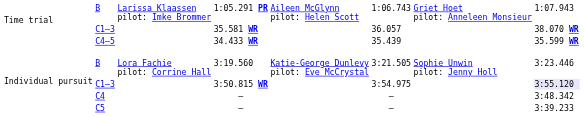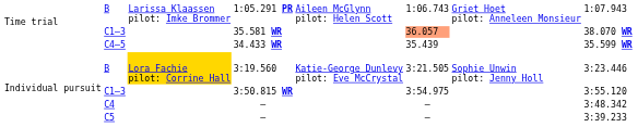 <table>
 <tr>
 <td rowspan="3">Time trial<br></td>
 <td><a href='#'>B</a></td>
 <td><br><a href='#'>Larissa Klaassen</a><br> pilot: <a href='#'>Imke Brommer</a></td>
 <td>1:05.291 <strong><a href='#'>PR</a></strong></td>
 <td><br><a href='#'>Aileen McGlynn</a><br> pilot: <a href='#'>Helen Scott</a></td>
 <td>1:06.743</td>
 <td><br><a href='#'>Griet Hoet</a><br> pilot: <a href='#'>Anneleen Monsieur</a></td>
 <td>1:07.943</td>
 </tr>
 <tr>
 <td><a href='#'>C1–3</a></td>
 <td></td>
 <td>35.581 <strong><a href='#'>WR</a></strong></td>
 <td></td>
-<td>36.057</td>
+<td style="background: lightsalmon;">36.057</td>
 <td></td>
 <td>38.070 <strong><a href='#'>WR</a></strong></td>
 </tr>
 <tr>
 <td><a href='#'>C4–5</a></td>
 <td></td>
 <td>34.433 <strong><a href='#'>WR</a></strong></td>
 <td></td>
 <td>35.439</td>
 <td></td>
 <td>35.599 <strong><a href='#'>WR</a></strong></td>
 </tr>
 <tr>
 <td rowspan="4">Individual pursuit<br></td>
 <td><a href='#'>B</a></td>
-<td><br><a href='#'>Lora Fachie</a><br>pilot: <a href='#'>Corrine Hall</a></td>
+<td style="background: gold;"><br><a href='#'>Lora Fachie</a><br>pilot: <a href='#'>Corrine Hall</a></td>
 <td>3:19.560</td>
 <td><br><a href='#'>Katie-George Dunlevy</a><br>pilot: <a href='#'>Eve McCrystal</a></td>
 <td>3:21.505</td>
 <td><br><a href='#'>Sophie Unwin</a><br>pilot: <a href='#'>Jenny Holl</a></td>
 <td>3:23.446</td>
 </tr>
 <tr>
 <td><a href='#'>C1–3</a></td>
 <td></td>
 <td>3:50.815 <strong><a href='#'>WR</a></strong></td>
 <td></td>
 <td>3:54.975</td>
 <td></td>
-<td style="background: lavender;">3:55.120</td>
+<td>3:55.120</td>
 </tr>
 <tr>
 <td><a href='#'>C4</a></td>
 <td></td>
 <td align=center>—</td>
 <td></td>
 <td align=center>— </td>
 <td></td>
 <td>3:48.342</td>
 </tr>
 <tr>
 <td><a href='#'>C5</a></td>
 <td></td>
 <td align=center>—</td>
 <td></td>
 <td align=center>— </td>
 <td></td>
 <td>3:39.233</td>
 </tr>
 </table>
